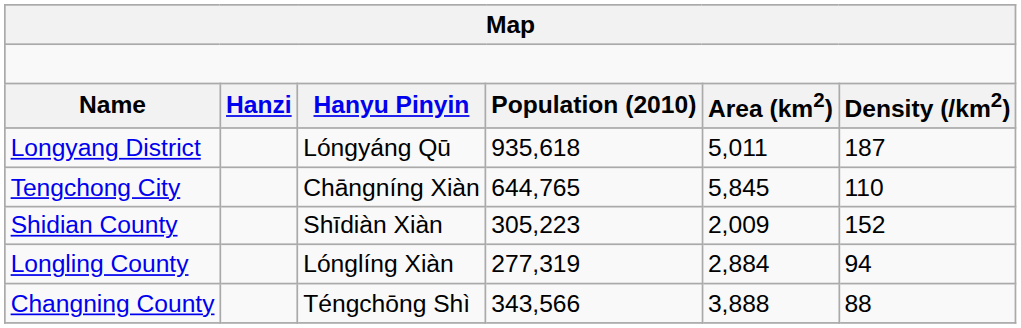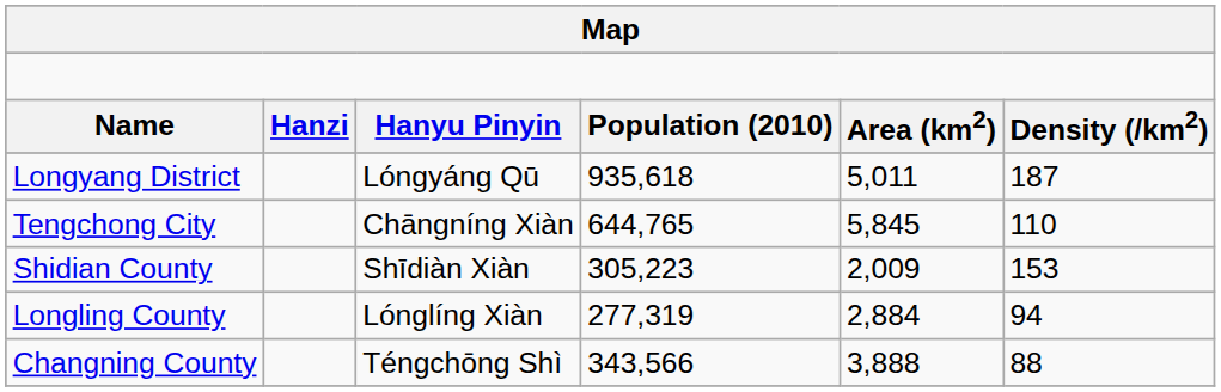 <table class="wikitable"  style="font-size:90%;" align=center>
 <tr>
 <th colspan="6" align="center">Map</th>
 </tr>
 <tr>
 <td colspan="6" align="center"><div><br>        </div></td>
 </tr>
 <tr>
 <th>Name</th>
 <th><a href='#'>Hanzi</a></th>
 <th><a href='#'>Hanyu Pinyin</a></th>
 <th>Population (2010)</th>
 <th>Area (km<sup>2</sup>)</th>
 <th>Density (/km<sup>2</sup>)</th>
 </tr>
 <tr --------->
 <td><a href='#'>Longyang District</a></td>
 <td></td>
 <td>Lóngyáng Qū</td>
 <td>935,618</td>
 <td>5,011</td>
 <td>187</td>
 </tr>
 <tr --------->
 <td><a href='#'>Tengchong City</a></td>
 <td></td>
 <td>Chāngníng Xiàn</td>
 <td>644,765</td>
 <td>5,845</td>
 <td>110</td>
 </tr>
 <tr --------->
 <td><a href='#'>Shidian County</a></td>
 <td></td>
 <td>Shīdiàn Xiàn</td>
 <td>305,223</td>
 <td>2,009</td>
-<td>152</td>
+<td>153</td>
 </tr>
 <tr --------->
 <td><a href='#'>Longling County</a></td>
 <td></td>
 <td>Lónglíng Xiàn</td>
 <td>277,319</td>
 <td>2,884</td>
 <td>94</td>
 </tr>
 <tr --------->
 <td><a href='#'>Changning County</a></td>
 <td></td>
 <td>Téngchōng Shì</td>
 <td>343,566</td>
 <td>3,888</td>
 <td>88</td>
 </tr>
 </table>
